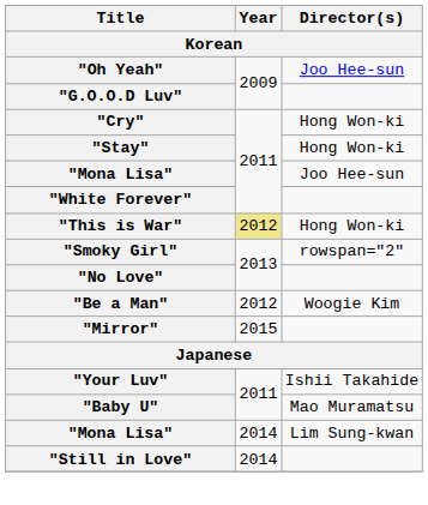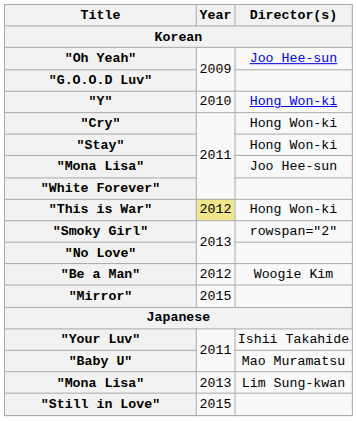 <table class="wikitable plainrowheaders" style="text-align:center;">
 <tr>
 <th scope="col" style="width:14em;">Title</th>
 <th scope="col">Year</th>
 <th scope="col">Director(s)</th>
 </tr>
 <tr>
 <th colspan="3">Korean</th>
 </tr>
 <tr>
 <th scope="row">"Oh Yeah"</th>
 <td rowspan="2">2009</td>
 <td><a href='#'>Joo Hee-sun</a></td>
 </tr>
 <tr>
 <th scope="row">"G.O.O.D Luv"</th>
 <td></td>
+</tr>
+<tr>
+<th scope="row">"Y"</th>
+<td>2010</td>
+<td><a href='#'>Hong Won-ki</a></td>
 </tr>
 <tr>
 <th scope="row">"Cry"</th>
 <td rowspan="4">2011</td>
 <td>Hong Won-ki</td>
 </tr>
 <tr>
 <th scope="row">"Stay"</th>
 <td>Hong Won-ki</td>
 </tr>
 <tr>
 <th scope="row">"Mona Lisa"</th>
 <td>Joo Hee-sun</td>
 </tr>
 <tr>
 <th scope="row">"White Forever"</th>
 <td></td>
 </tr>
 <tr>
 <th scope="row">"This is War"</th>
 <td style="background: khaki;">2012</td>
 <td>Hong Won-ki</td>
 </tr>
 <tr>
 <th scope="row">"Smoky Girl"</th>
 <td rowspan="2">2013</td>
 <td>rowspan="2" </td>
 </tr>
 <tr>
 <th scope="row">"No Love"</th>
 </tr>
 <tr>
 <th scope="row">"Be a Man"</th>
 <td>2012</td>
 <td>Woogie Kim</td>
 </tr>
 <tr>
 <th scope="row">"Mirror"</th>
 <td>2015</td>
 <td></td>
 </tr>
 <tr>
 <th colspan="3">Japanese</th>
 </tr>
 <tr>
 <th scope="row">"Your Luv"</th>
 <td rowspan="2">2011</td>
 <td>Ishii Takahide</td>
 </tr>
 <tr>
 <th scope="row">"Baby U"</th>
 <td>Mao Muramatsu</td>
 </tr>
 <tr>
 <th scope="row">"Mona Lisa"</th>
-<td>2014</td>
+<td>2013</td>
 <td>Lim Sung-kwan</td>
 </tr>
 <tr>
 <th scope="row">"Still in Love"</th>
-<td>2014</td>
+<td>2015</td>
 <td></td>
 </tr>
 <tr>
 </tr>
 </table>
